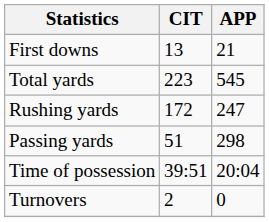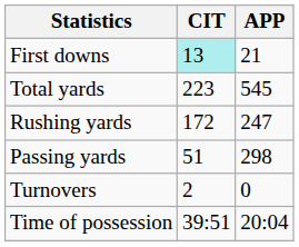 <table class="wikitable" style="float: left;">
 <tr>
 <th>Statistics</th>
 <th>CIT</th>
 <th>APP</th>
 </tr>
 <tr>
 <td>First downs</td>
-<td>13</td>
+<td style="background: paleturquoise;">13</td>
 <td>21</td>
 </tr>
 <tr>
 <td>Total yards</td>
 <td>223</td>
 <td>545</td>
 </tr>
 <tr>
 <td>Rushing yards</td>
 <td>172</td>
 <td>247</td>
 </tr>
 <tr>
 <td>Passing yards</td>
 <td>51</td>
 <td>298</td>
 </tr>
 <tr>
+<td>Turnovers</td>
+<td>2</td>
+<td>0</td>
+</tr>
+<tr>
 <td>Time of possession</td>
 <td>39:51</td>
 <td>20:04</td>
 </tr>
 <tr>
-<td>Turnovers</td>
-<td>2</td>
-<td>0</td>
-</tr>
-<tr>
 </tr>
 </table>
